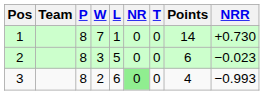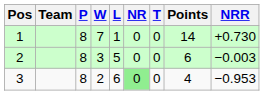 <table class="wikitable">
 <tr>
 <th>Pos</th>
 <th>Team</th>
 <th><a href='#'>P</a></th>
 <th><a href='#'>W</a></th>
 <th><a href='#'>L</a></th>
 <th><a href='#'>NR</a></th>
 <th><a href='#'>T</a></th>
 <th>Points</th>
 <th><a href='#'>NRR</a></th>
 </tr>
 <tr align="center" bgcolor="#ccffcc">
 <td>1</td>
 <td align="left"></td>
 <td>8</td>
 <td>7</td>
 <td>1</td>
 <td>0</td>
 <td>0</td>
 <td>14</td>
 <td>+0.730</td>
 </tr>
 <tr align="center" bgcolor="#ccffcc">
 <td>2</td>
 <td align="left"></td>
 <td>8</td>
 <td>3</td>
 <td>5</td>
 <td>0</td>
 <td>0</td>
 <td>6</td>
-<td>−0.023</td>
+<td>−0.003</td>
 </tr>
 <tr align="center">
 <td>3</td>
 <td align="left"></td>
 <td>8</td>
 <td>2</td>
 <td>6</td>
 <td style="background: lightgreen;">0</td>
 <td>0</td>
 <td>4</td>
-<td>−0.993</td>
+<td>−0.953</td>
 </tr>
 </table>
